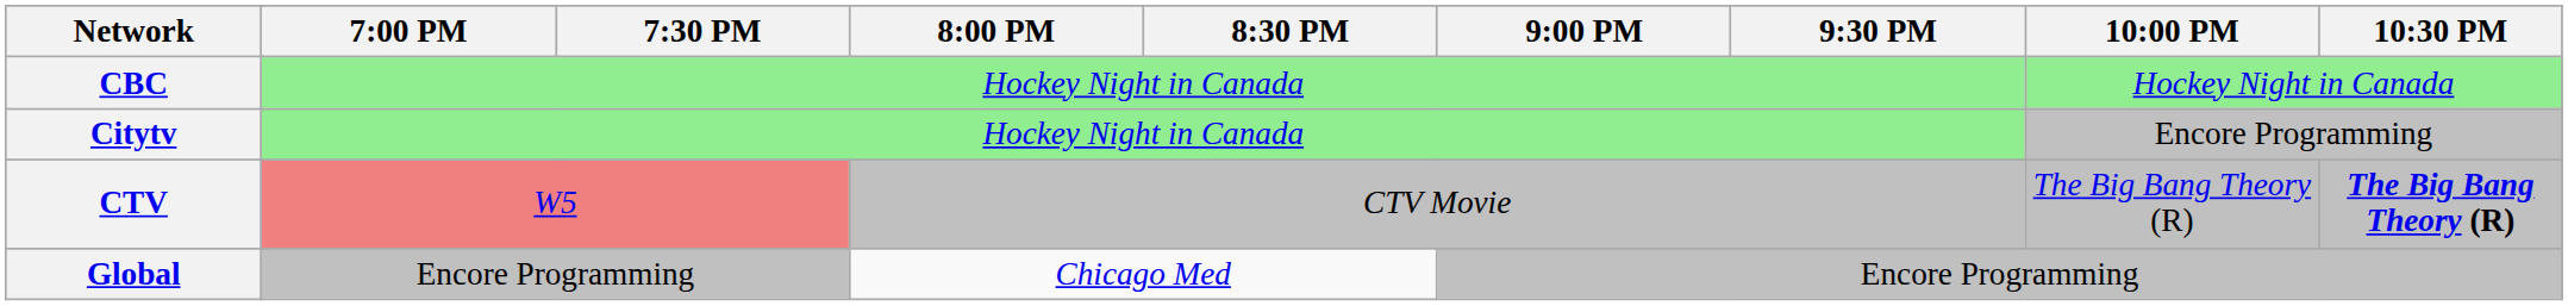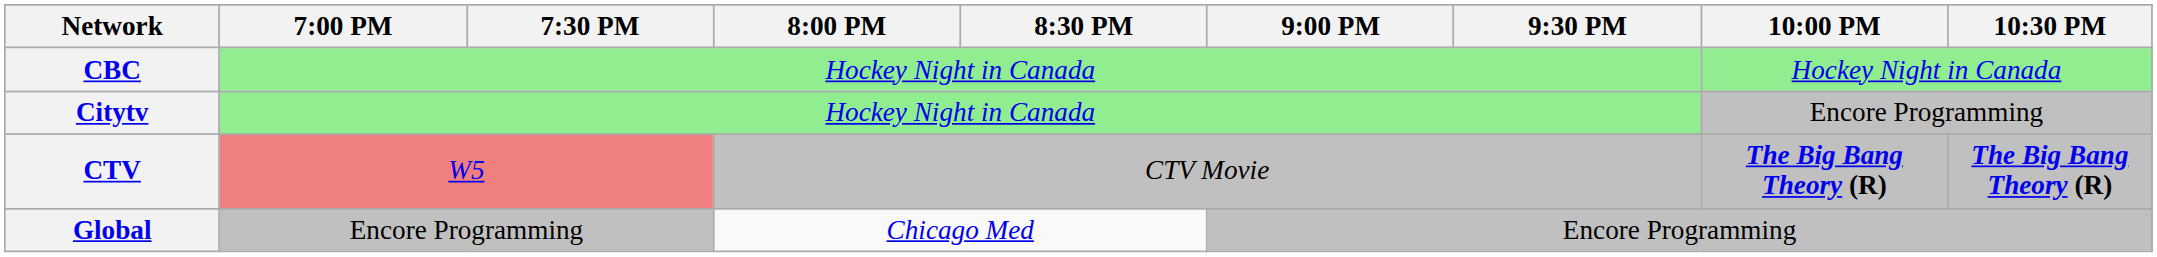 <table class="wikitable" style="width:100%;margin-right:0;text-align:center">
 <tr>
 <th colspan="2" style="width:10%;">Network</th>
 <th style="width:11.5%;">7:00 PM</th>
 <th style="width:11.5%;">7:30 PM</th>
 <th style="width:11.5%;">8:00 PM</th>
 <th style="width:11.5%;">8:30 PM</th>
 <th style="width:11.5%;">9:00 PM</th>
 <th style="width:11.5%;">9:30 PM</th>
 <th style="width:11.5%;">10:00 PM</th>
 <th style="width:11.5%;">10:30 PM</th>
 </tr>
 <tr>
 <th colspan="2"><a href='#'>CBC</a></th>
 <td colspan="6" style="background:lightgreen;"><em><a href='#'>Hockey Night in Canada</a></em> </td>
 <td colspan="2" style="background:lightgreen;"><em><a href='#'>Hockey Night in Canada</a></em> </td>
 </tr>
 <tr>
 <th colspan="2"><a href='#'>Citytv</a></th>
 <td colspan="6" style="background:lightgreen;"><em><a href='#'>Hockey Night in Canada</a></em></td>
 <td colspan="2" style="background:silver;">Encore Programming</td>
 </tr>
 <tr>
 <th colspan="2"><a href='#'>CTV</a></th>
 <td colspan="2" style="background:#f08080;"><em><a href='#'>W5</a></em></td>
 <td colspan="4" style="background:silver;"><em>CTV Movie</em></td>
-<td style="background:silver;"><em><a href='#'>The Big Bang Theory</a></em> (R)</td>
+<td style="background:silver;"><strong><em><a href='#'>The Big Bang Theory</a></em> (R)</strong></td>
 <td style="background:silver;"><strong><em><a href='#'>The Big Bang Theory</a></em> (R)</strong></td>
 </tr>
 <tr>
 <th colspan="2"><a href='#'>Global</a></th>
 <td colspan="2" style="background:silver;">Encore Programming</td>
 <td colspan="2"><em><a href='#'>Chicago Med</a></em></td>
 <td colspan="4" style="background:silver;">Encore Programming</td>
 </tr>
 </table>
